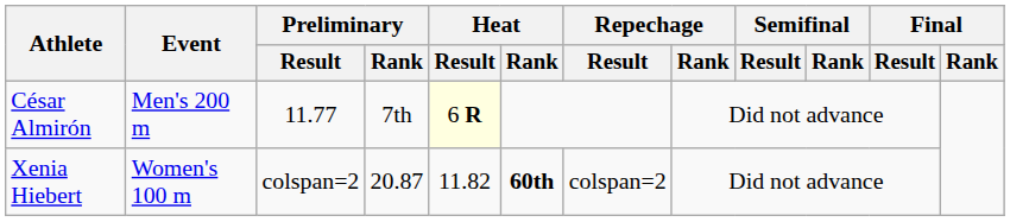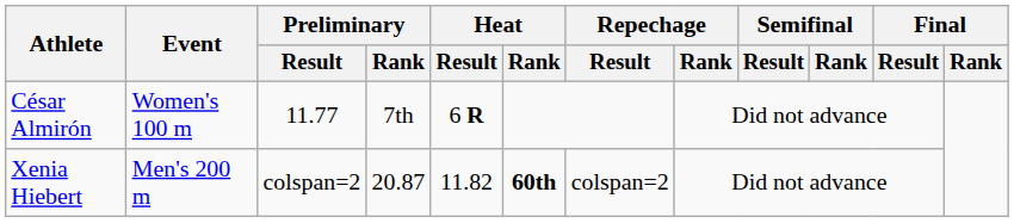 <table class="wikitable" style="font-size:90%">
 <tr>
 <th rowspan="2">Athlete</th>
 <th rowspan="2">Event</th>
 <th colspan="2">Preliminary</th>
 <th colspan="2">Heat</th>
 <th colspan="2">Repechage</th>
 <th colspan="2">Semifinal</th>
 <th colspan="2">Final</th>
 </tr>
 <tr style="font-size:95%">
 <th>Result</th>
 <th>Rank</th>
 <th>Result</th>
 <th>Rank</th>
 <th>Result</th>
 <th>Rank</th>
 <th>Result</th>
 <th>Rank</th>
 <th>Result</th>
 <th>Rank</th>
 </tr>
 <tr align=center>
 <td align=left><a href='#'>César Almirón</a></td>
-<td align=left><a href='#'>Men's 200 m</a></td>
+<td align=left><a href='#'>Women's 100 m</a></td>
 <td>11.77</td>
 <td>7th</td>
-<td style="background: lightyellow;">6 <strong>R</strong></td>
+<td>6 <strong>R</strong></td>
 <td colspan=2></td>
 <td colspan=4>Did not advance</td>
 </tr>
 <tr align=center>
 <td align=left><a href='#'>Xenia Hiebert</a></td>
-<td align=left><a href='#'>Women's 100 m</a></td>
+<td align=left><a href='#'>Men's 200 m</a></td>
 <td>colspan=2 </td>
 <td>20.87</td>
 <td>11.82</td>
 <td><strong>60th</strong></td>
 <td>colspan=2 </td>
 <td colspan=4>Did not advance</td>
 </tr>
 </table>
